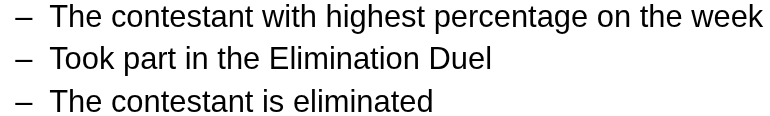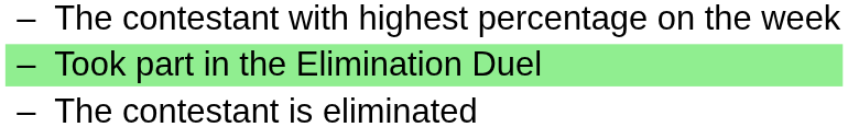 <table>
 <tr>
 <td>  –  The contestant with highest percentage on the week</td>
 </tr>
 <tr>
-<td>  –  Took part in the Elimination Duel</td>
+<td style="background: lightgreen;">  –  Took part in the Elimination Duel</td>
 </tr>
 <tr>
 <td>  –  The contestant is eliminated</td>
 </tr>
 </table>
